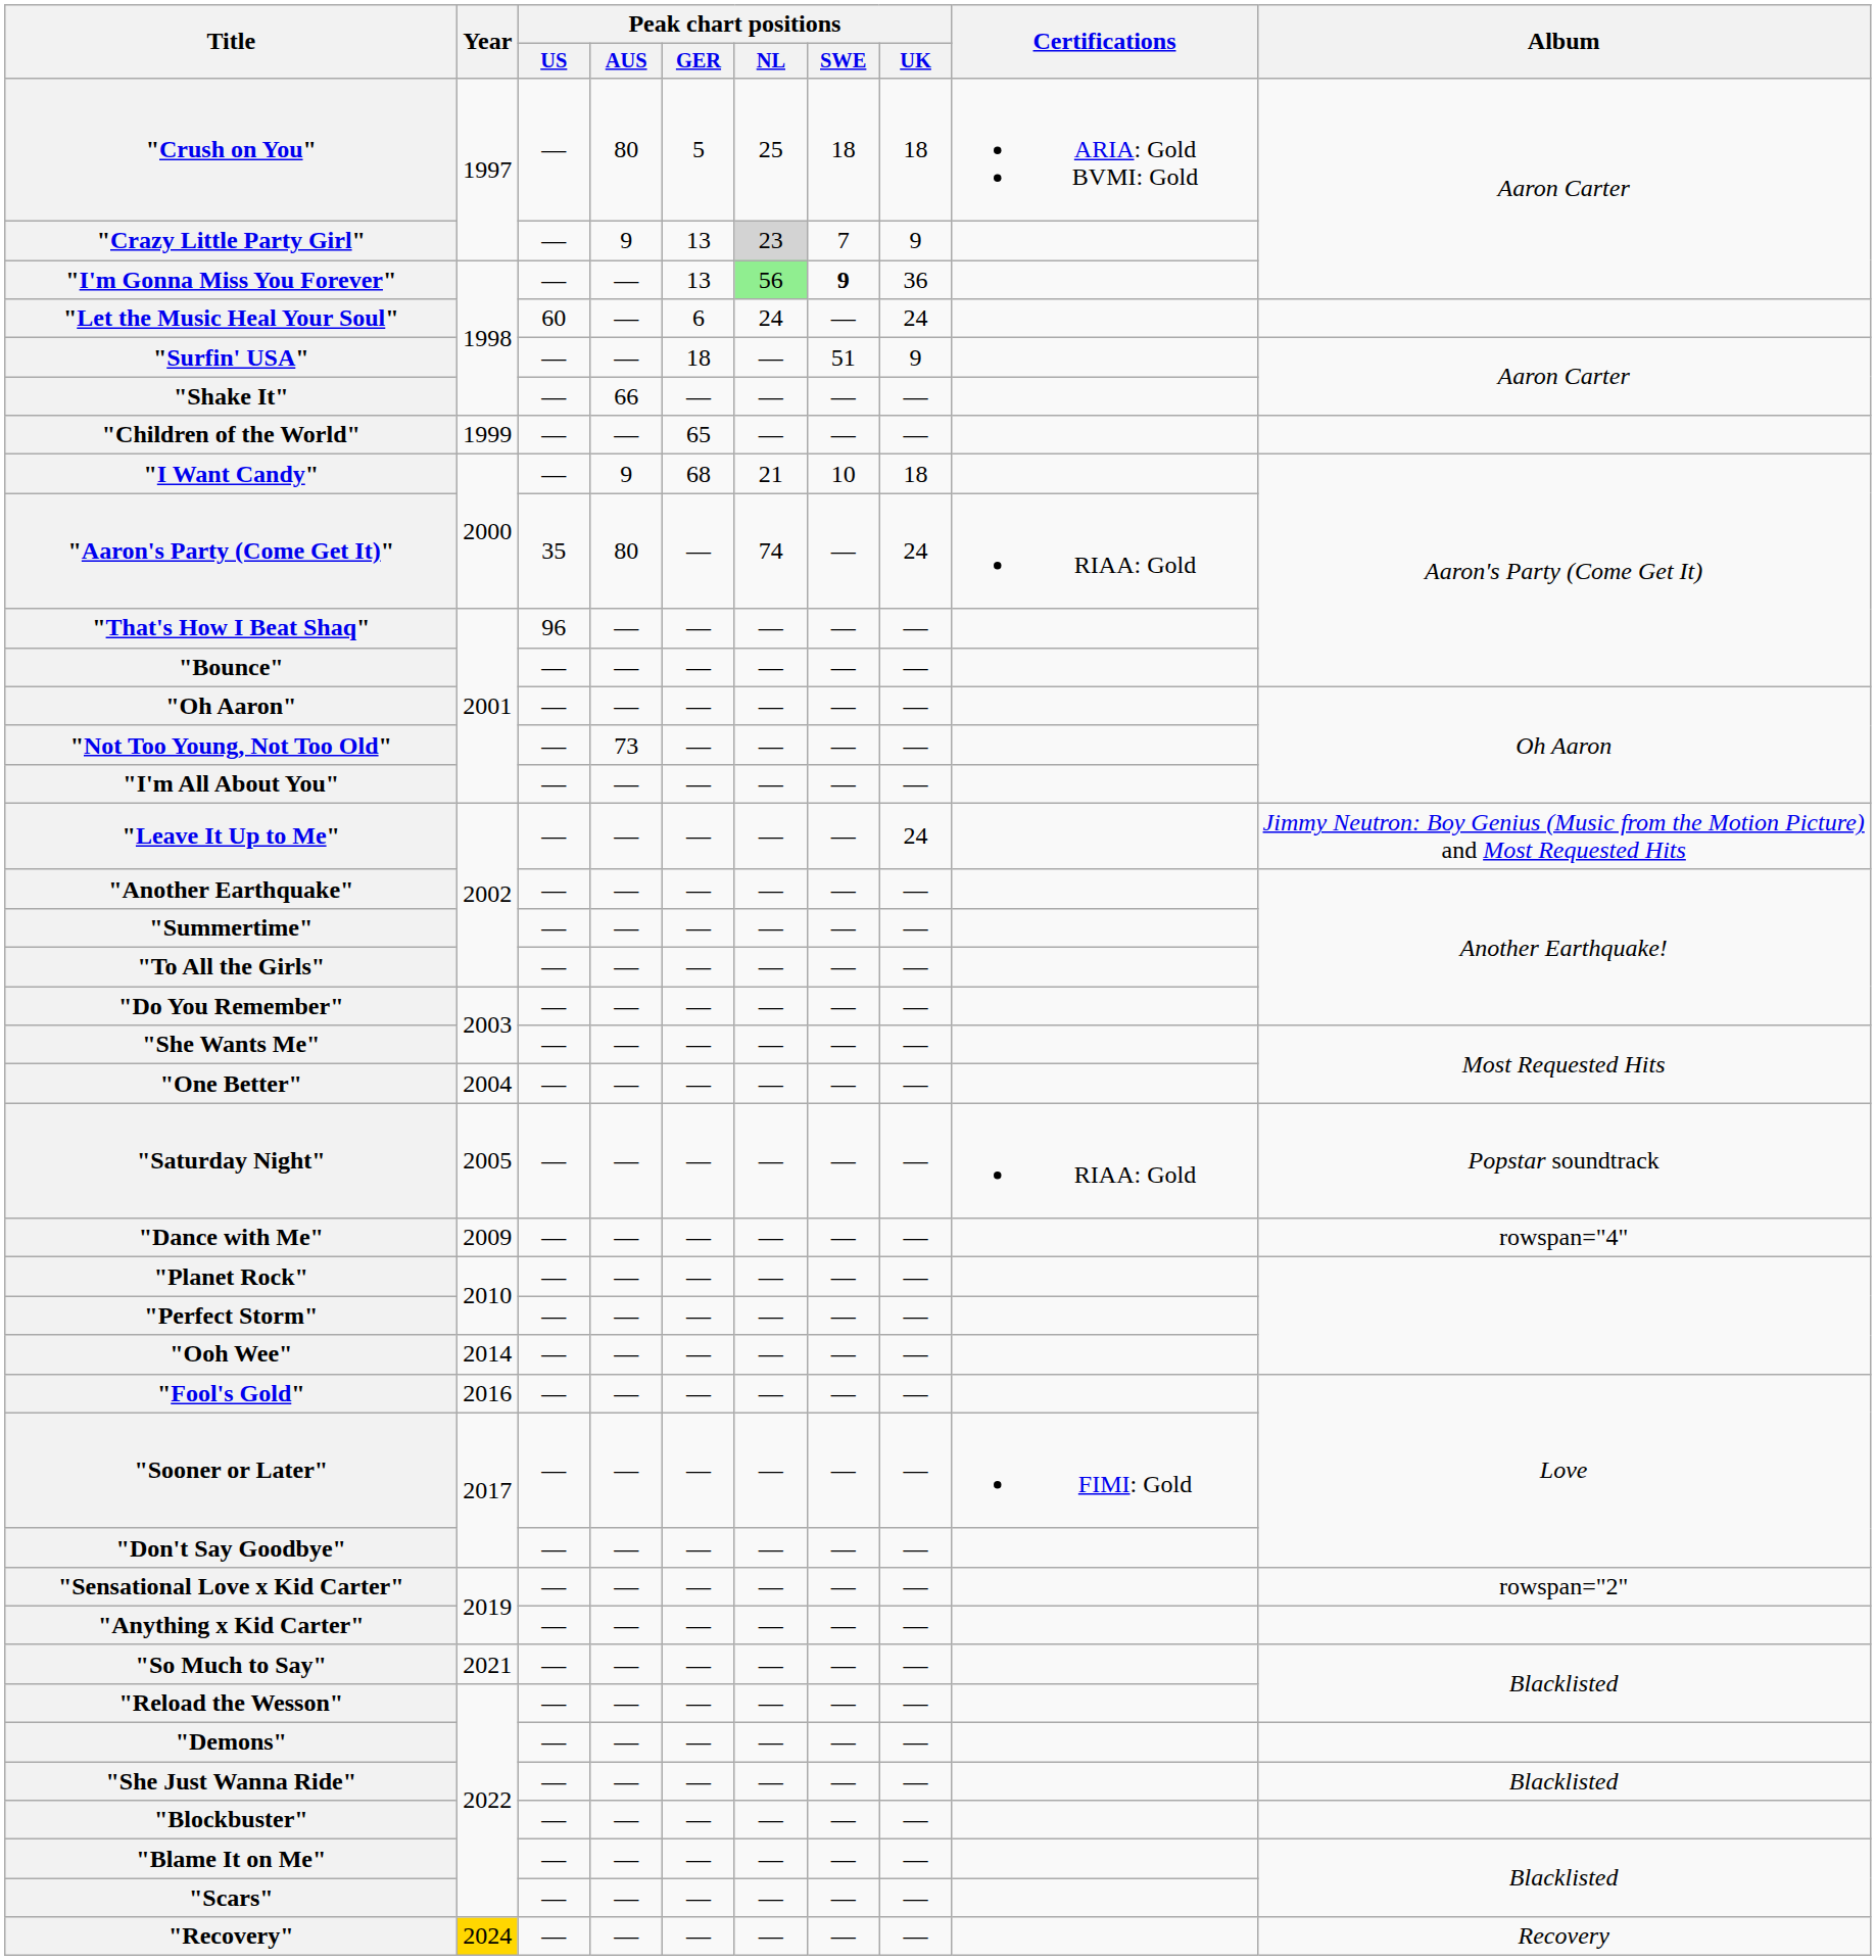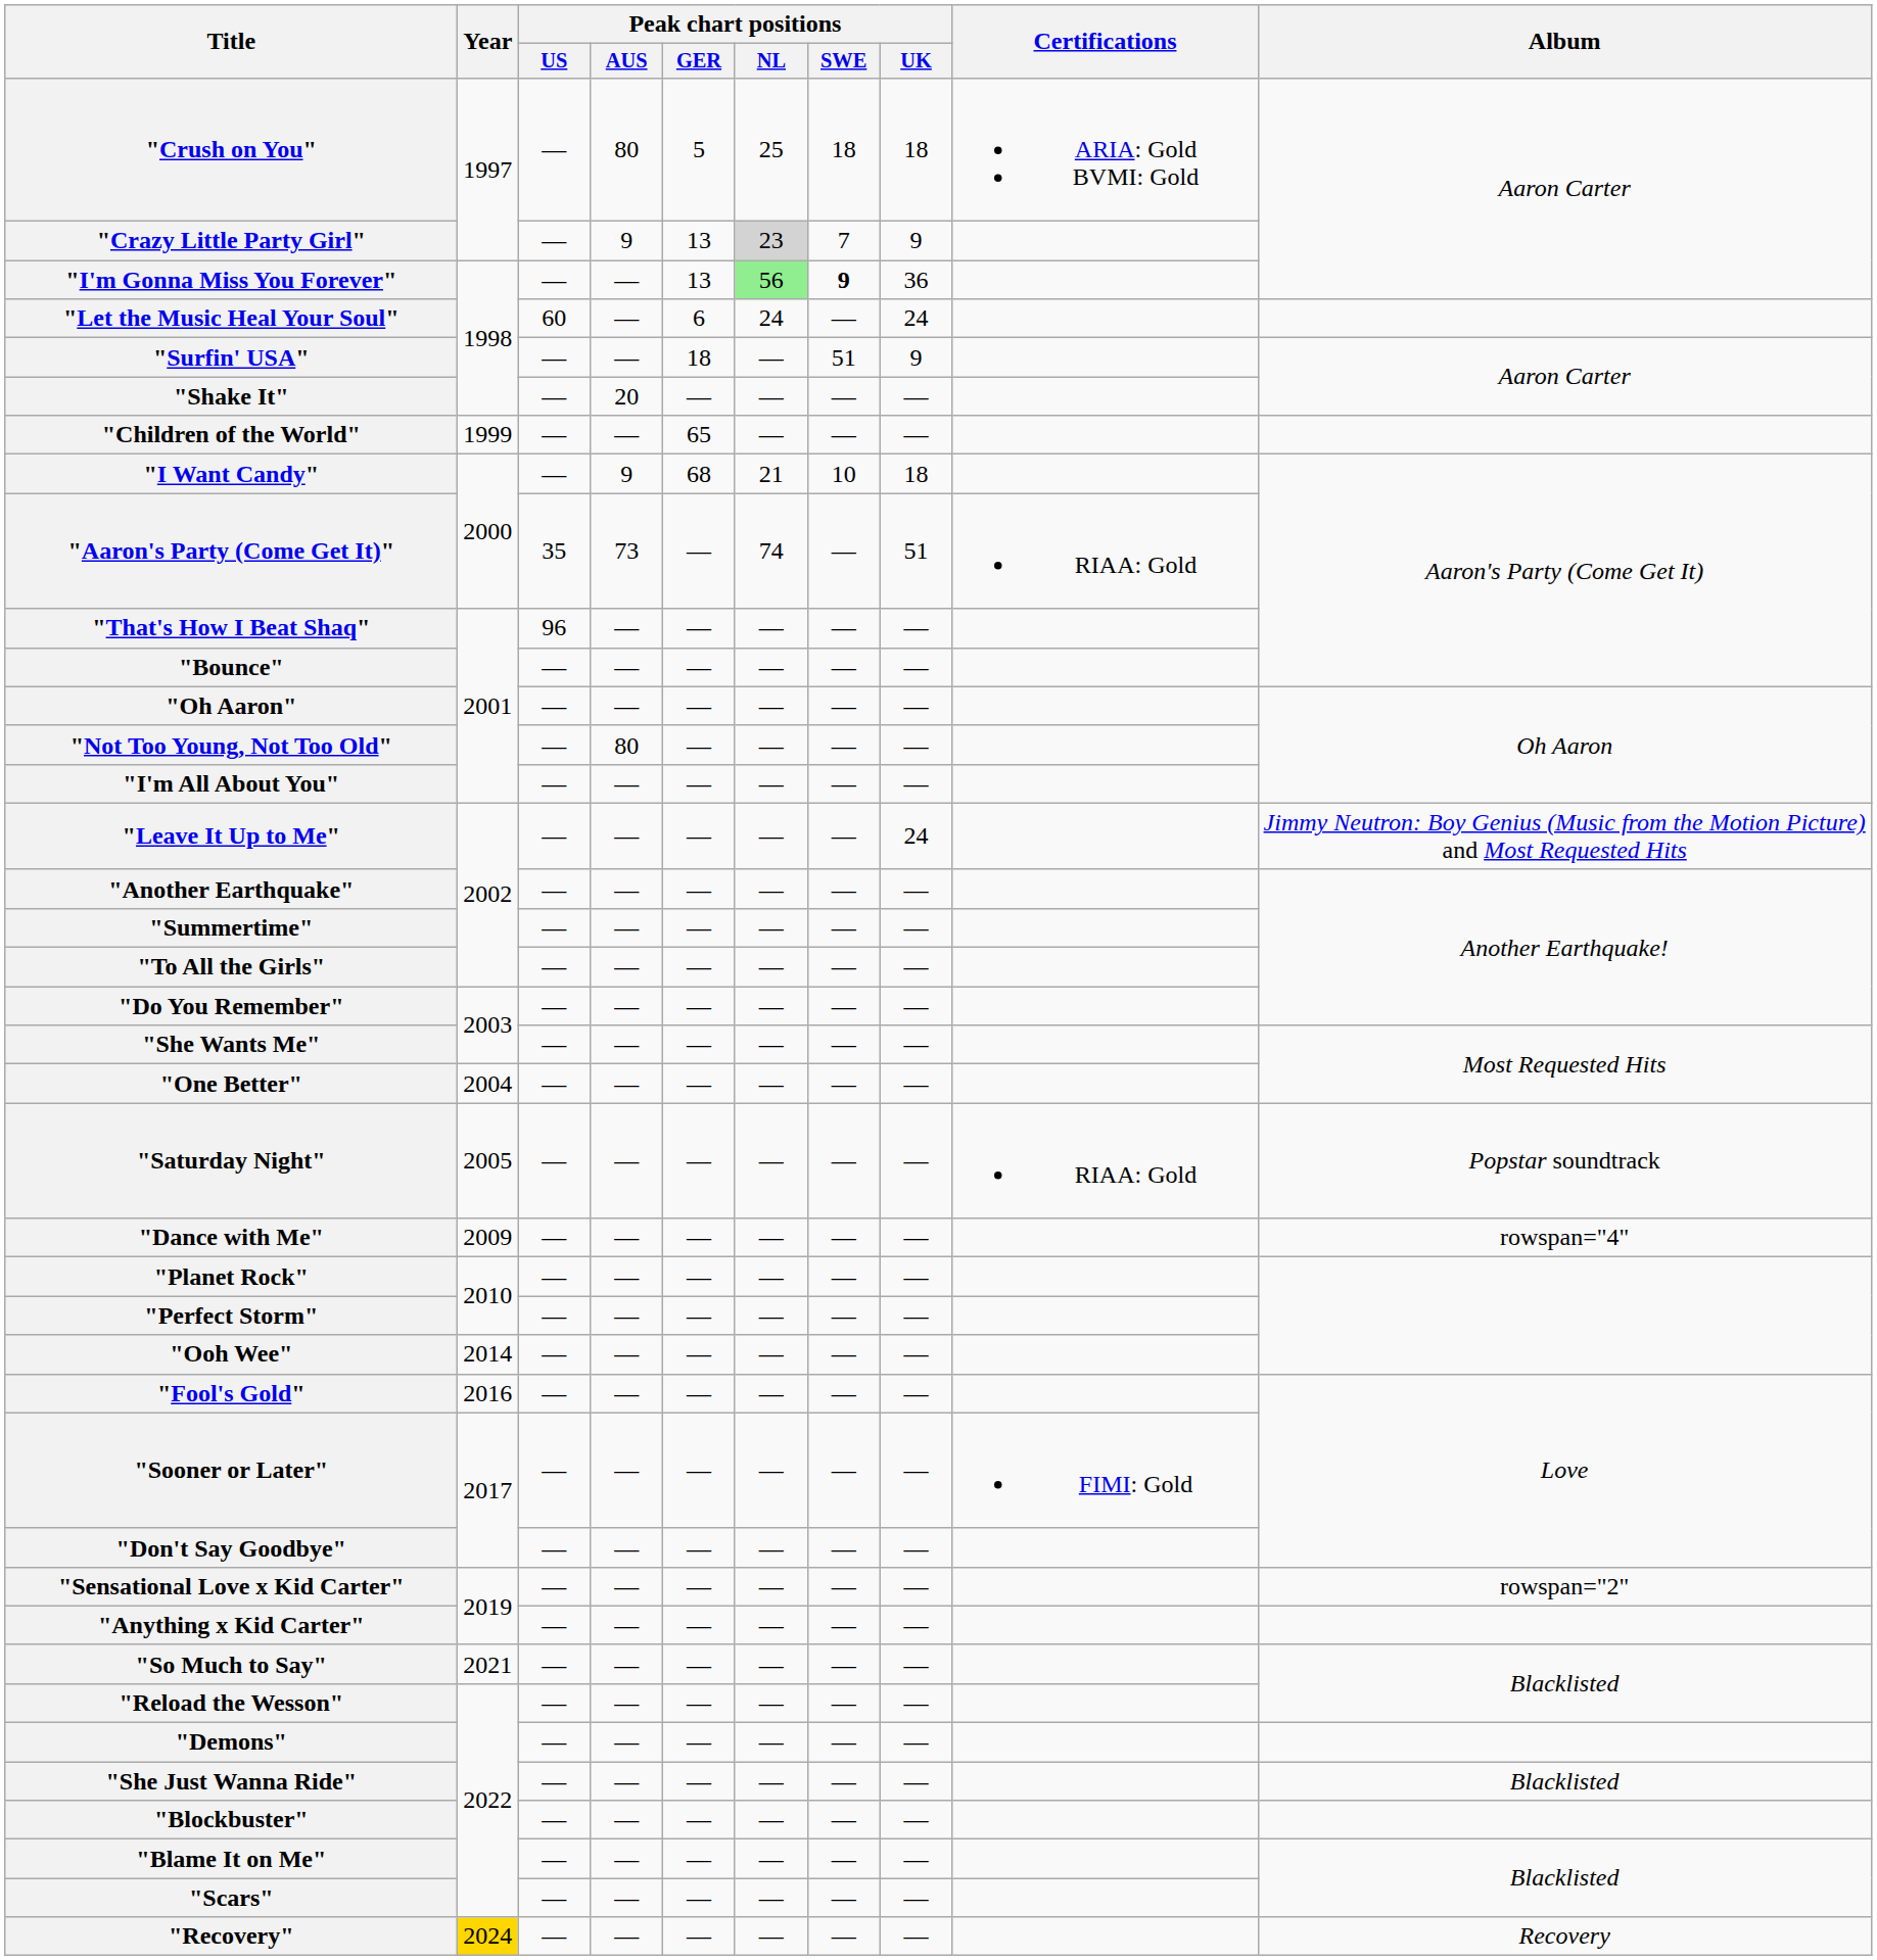 <table class="wikitable plainrowheaders" style="text-align:center;">
 <tr>
 <th scope="col" rowspan="2" style="width:18em;">Title</th>
 <th scope="col" rowspan="2" style="width:1em;">Year</th>
 <th scope="col" colspan="6">Peak chart positions</th>
 <th scope="col" rowspan="2" style="width:12em;"><a href='#'>Certifications</a></th>
 <th scope="col" rowspan="2">Album</th>
 </tr>
 <tr>
 <th scope="col" style="width:3em;font-size:85%"><a href='#'>US</a><br></th>
 <th scope="col" style="width:3em;font-size:85%"><a href='#'>AUS</a><br></th>
 <th scope="col" style="width:3em;font-size:85%"><a href='#'>GER</a><br></th>
 <th scope="col" style="width:3em;font-size:85%"><a href='#'>NL</a><br></th>
 <th scope="col" style="width:3em;font-size:85%"><a href='#'>SWE</a><br></th>
 <th scope="col" style="width:3em;font-size:85%"><a href='#'>UK</a><br></th>
 </tr>
 <tr>
 <th scope="row">"<a href='#'>Crush on You</a>"</th>
 <td rowspan="2">1997</td>
 <td>—</td>
 <td>80</td>
 <td>5</td>
 <td>25</td>
 <td>18</td>
 <td>18</td>
 <td><br><ul><li><a href='#'>ARIA</a>: Gold</li><li>BVMI: Gold</li></ul></td>
 <td rowspan="3"><em>Aaron Carter</em></td>
 </tr>
 <tr>
 <th scope="row">"<a href='#'>Crazy Little Party Girl</a>"</th>
 <td>—</td>
 <td>9</td>
 <td>13</td>
 <td style="background: lightgrey;">23</td>
 <td>7</td>
 <td>9</td>
 <td></td>
 </tr>
 <tr>
 <th scope="row">"<a href='#'>I'm Gonna Miss You Forever</a>"</th>
 <td rowspan="4">1998</td>
 <td>—</td>
 <td>—</td>
 <td>13</td>
 <td style="background: lightgreen;">56</td>
 <td><strong>9</strong></td>
 <td>36</td>
 <td></td>
 </tr>
 <tr>
 <th scope="row">"<a href='#'>Let the Music Heal Your Soul</a>"<br></th>
 <td>60</td>
 <td>—</td>
 <td>6</td>
 <td>24</td>
 <td>—</td>
 <td>24</td>
 <td></td>
 <td></td>
 </tr>
 <tr>
 <th scope="row">"<a href='#'>Surfin' USA</a>"</th>
 <td>—</td>
 <td>—</td>
 <td>18</td>
 <td>—</td>
 <td>51</td>
 <td>9</td>
 <td></td>
 <td rowspan="2"><em>Aaron Carter</em></td>
 </tr>
 <tr>
 <th scope="row">"Shake It"<br></th>
 <td>—</td>
-<td>66</td>
+<td>20</td>
 <td>—</td>
 <td>—</td>
 <td>—</td>
 <td>—</td>
 <td></td>
 </tr>
 <tr>
 <th scope="row">"Children of the World"<br></th>
 <td>1999</td>
 <td>—</td>
 <td>—</td>
 <td>65</td>
 <td>—</td>
 <td>—</td>
 <td>—</td>
 <td></td>
 <td></td>
 </tr>
 <tr>
 <th scope="row">"<a href='#'>I Want Candy</a>"</th>
 <td rowspan="2">2000</td>
 <td>—</td>
 <td>9</td>
 <td>68</td>
 <td>21</td>
 <td>10</td>
 <td>18</td>
 <td></td>
 <td rowspan="4"><em>Aaron's Party (Come Get It)</em></td>
 </tr>
 <tr>
 <th scope="row">"<a href='#'>Aaron's Party (Come Get It)</a>"</th>
 <td>35</td>
-<td>80</td>
+<td>73</td>
 <td>—</td>
 <td>74</td>
 <td>—</td>
-<td>24</td>
+<td>51</td>
 <td><br><ul><li>RIAA: Gold</li></ul></td>
 </tr>
 <tr>
 <th scope="row">"<a href='#'>That's How I Beat Shaq</a>"</th>
 <td rowspan="5">2001</td>
 <td>96</td>
 <td>—</td>
 <td>—</td>
 <td>—</td>
 <td>—</td>
 <td>—</td>
 <td></td>
 </tr>
 <tr>
 <th scope="row">"Bounce"</th>
 <td>—</td>
 <td>—</td>
 <td>—</td>
 <td>—</td>
 <td>—</td>
 <td>—</td>
 <td></td>
 </tr>
 <tr>
 <th scope="row">"Oh Aaron"<br></th>
 <td>—</td>
 <td>—</td>
 <td>—</td>
 <td>—</td>
 <td>—</td>
 <td>—</td>
 <td></td>
 <td rowspan="3"><em>Oh Aaron</em></td>
 </tr>
 <tr>
 <th scope="row">"<a href='#'>Not Too Young, Not Too Old</a>"<br></th>
 <td>—</td>
-<td>73</td>
+<td>80</td>
 <td>—</td>
 <td>—</td>
 <td>—</td>
 <td>—</td>
 <td></td>
 </tr>
 <tr>
 <th scope="row">"I'm All About You"</th>
 <td>—</td>
 <td>—</td>
 <td>—</td>
 <td>—</td>
 <td>—</td>
 <td>—</td>
 <td></td>
 </tr>
 <tr>
 <th scope="row">"<a href='#'>Leave It Up to Me</a>"</th>
 <td rowspan="4">2002</td>
 <td>—</td>
 <td>—</td>
 <td>—</td>
 <td>—</td>
 <td>—</td>
 <td>24</td>
 <td></td>
 <td><em><a href='#'>Jimmy Neutron: Boy Genius (Music from the Motion Picture)</a></em><br> and <em><a href='#'>Most Requested Hits</a></em></td>
 </tr>
 <tr>
 <th scope="row">"Another Earthquake"</th>
 <td>—</td>
 <td>—</td>
 <td>—</td>
 <td>—</td>
 <td>—</td>
 <td>—</td>
 <td></td>
 <td rowspan="4"><em>Another Earthquake!</em></td>
 </tr>
 <tr>
 <th scope="row">"Summertime"<br></th>
 <td>—</td>
 <td>—</td>
 <td>—</td>
 <td>—</td>
 <td>—</td>
 <td>—</td>
 <td></td>
 </tr>
 <tr>
 <th scope="row">"To All the Girls"</th>
 <td>—</td>
 <td>—</td>
 <td>—</td>
 <td>—</td>
 <td>—</td>
 <td>—</td>
 <td></td>
 </tr>
 <tr>
 <th scope="row">"Do You Remember"</th>
 <td rowspan="2">2003</td>
 <td>—</td>
 <td>—</td>
 <td>—</td>
 <td>—</td>
 <td>—</td>
 <td>—</td>
 <td></td>
 </tr>
 <tr>
 <th scope="row">"She Wants Me"<br></th>
 <td>—</td>
 <td>—</td>
 <td>—</td>
 <td>—</td>
 <td>—</td>
 <td>—</td>
 <td></td>
 <td rowspan="2"><em>Most Requested Hits</em></td>
 </tr>
 <tr>
 <th scope="row">"One Better"</th>
 <td>2004</td>
 <td>—</td>
 <td>—</td>
 <td>—</td>
 <td>—</td>
 <td>—</td>
 <td>—</td>
 <td></td>
 </tr>
 <tr>
 <th scope="row">"Saturday Night"</th>
 <td>2005</td>
 <td>—</td>
 <td>—</td>
 <td>—</td>
 <td>—</td>
 <td>—</td>
 <td>—</td>
 <td><br><ul><li>RIAA: Gold</li></ul></td>
 <td><em>Popstar</em> soundtrack</td>
 </tr>
 <tr>
 <th scope="row">"Dance with Me"<br></th>
 <td>2009</td>
 <td>—</td>
 <td>—</td>
 <td>—</td>
 <td>—</td>
 <td>—</td>
 <td>—</td>
 <td></td>
 <td>rowspan="4" </td>
 </tr>
 <tr>
 <th scope="row">"Planet Rock"<br></th>
 <td rowspan="2">2010</td>
 <td>—</td>
 <td>—</td>
 <td>—</td>
 <td>—</td>
 <td>—</td>
 <td>—</td>
 <td></td>
 </tr>
 <tr>
 <th scope="row">"Perfect Storm"</th>
 <td>—</td>
 <td>—</td>
 <td>—</td>
 <td>—</td>
 <td>—</td>
 <td>—</td>
 <td></td>
 </tr>
 <tr>
 <th scope="row">"Ooh Wee"<br></th>
 <td>2014</td>
 <td>—</td>
 <td>—</td>
 <td>—</td>
 <td>—</td>
 <td>—</td>
 <td>—</td>
 <td></td>
 </tr>
 <tr>
 <th scope="row">"<a href='#'>Fool's Gold</a>"</th>
 <td>2016</td>
 <td>—</td>
 <td>—</td>
 <td>—</td>
 <td>—</td>
 <td>—</td>
 <td>—</td>
 <td></td>
 <td rowspan="3"><em>Love</em></td>
 </tr>
 <tr>
 <th scope="row">"Sooner or Later"</th>
 <td rowspan="2">2017</td>
 <td>—</td>
 <td>—</td>
 <td>—</td>
 <td>—</td>
 <td>—</td>
 <td>—</td>
 <td><br><ul><li><a href='#'>FIMI</a>: Gold</li></ul></td>
 </tr>
 <tr>
 <th scope="row">"Don't Say Goodbye"</th>
 <td>—</td>
 <td>—</td>
 <td>—</td>
 <td>—</td>
 <td>—</td>
 <td>—</td>
 <td></td>
 </tr>
 <tr>
 <th scope="row">"Sensational Love x Kid Carter"</th>
 <td rowspan="2">2019</td>
 <td>—</td>
 <td>—</td>
 <td>—</td>
 <td>—</td>
 <td>—</td>
 <td>—</td>
 <td></td>
 <td>rowspan="2" </td>
 </tr>
 <tr>
 <th scope="row">"Anything x Kid Carter"</th>
 <td>—</td>
 <td>—</td>
 <td>—</td>
 <td>—</td>
 <td>—</td>
 <td>—</td>
 <td></td>
 </tr>
 <tr>
 <th scope="row">"So Much to Say"</th>
 <td>2021</td>
 <td>—</td>
 <td>—</td>
 <td>—</td>
 <td>—</td>
 <td>—</td>
 <td>—</td>
 <td></td>
 <td rowspan="2"><em>Blacklisted</em></td>
 </tr>
 <tr>
 <th scope="row">"Reload the Wesson"<br></th>
 <td rowspan="6">2022</td>
 <td>—</td>
 <td>—</td>
 <td>—</td>
 <td>—</td>
 <td>—</td>
 <td>—</td>
 <td></td>
 </tr>
 <tr>
 <th scope="row">"Demons"<br></th>
 <td>—</td>
 <td>—</td>
 <td>—</td>
 <td>—</td>
 <td>—</td>
 <td>—</td>
 <td></td>
 <td></td>
 </tr>
 <tr>
 <th scope="row">"She Just Wanna Ride"<br></th>
 <td>—</td>
 <td>—</td>
 <td>—</td>
 <td>—</td>
 <td>—</td>
 <td>—</td>
 <td></td>
 <td><em>Blacklisted</em></td>
 </tr>
 <tr>
 <th scope="row">"Blockbuster"<br></th>
 <td>—</td>
 <td>—</td>
 <td>—</td>
 <td>—</td>
 <td>—</td>
 <td>—</td>
 <td></td>
 <td></td>
 </tr>
 <tr>
 <th scope="row">"Blame It on Me"</th>
 <td>—</td>
 <td>—</td>
 <td>—</td>
 <td>—</td>
 <td>—</td>
 <td>—</td>
 <td></td>
 <td rowspan="2"><em>Blacklisted</em></td>
 </tr>
 <tr>
 <th scope="row">"Scars"<br></th>
 <td>—</td>
 <td>—</td>
 <td>—</td>
 <td>—</td>
 <td>—</td>
 <td>—</td>
 <td></td>
 </tr>
 <tr>
 <th scope="row">"Recovery"</th>
 <td style="background: gold;">2024</td>
 <td>—</td>
 <td>—</td>
 <td>—</td>
 <td>—</td>
 <td>—</td>
 <td>—</td>
 <td></td>
 <td><em>Recovery</em></td>
 </tr>
 </table>
